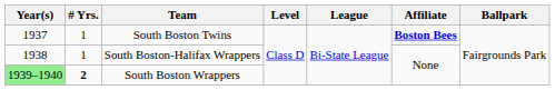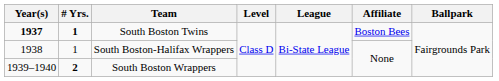 <table class="wikitable" style="text-align:center; font-size: 95%;">
 <tr>
 <th>Year(s)</th>
 <th># Yrs.</th>
 <th>Team</th>
 <th>Level</th>
 <th>League</th>
 <th>Affiliate</th>
 <th>Ballpark</th>
 </tr>
 <tr>
-<td>1937</td>
-<td>1</td>
+<td><strong>1937</strong></td>
+<td><strong>1</strong></td>
 <td>South Boston Twins</td>
 <td rowspan=3><a href='#'>Class D</a></td>
 <td rowspan=3><a href='#'>Bi-State League</a></td>
-<td><strong><a href='#'>Boston Bees</a></strong></td>
+<td><a href='#'>Boston Bees</a></td>
 <td rowspan=3>Fairgrounds Park</td>
 </tr>
 <tr>
 <td>1938</td>
 <td>1</td>
 <td>South Boston-Halifax Wrappers</td>
 <td rowspan=2>None</td>
 </tr>
 <tr>
-<td style="background: lightgreen;">1939–1940</td>
+<td>1939–1940</td>
 <td><strong>2</strong></td>
 <td>South Boston Wrappers</td>
 </tr>
 </table>
